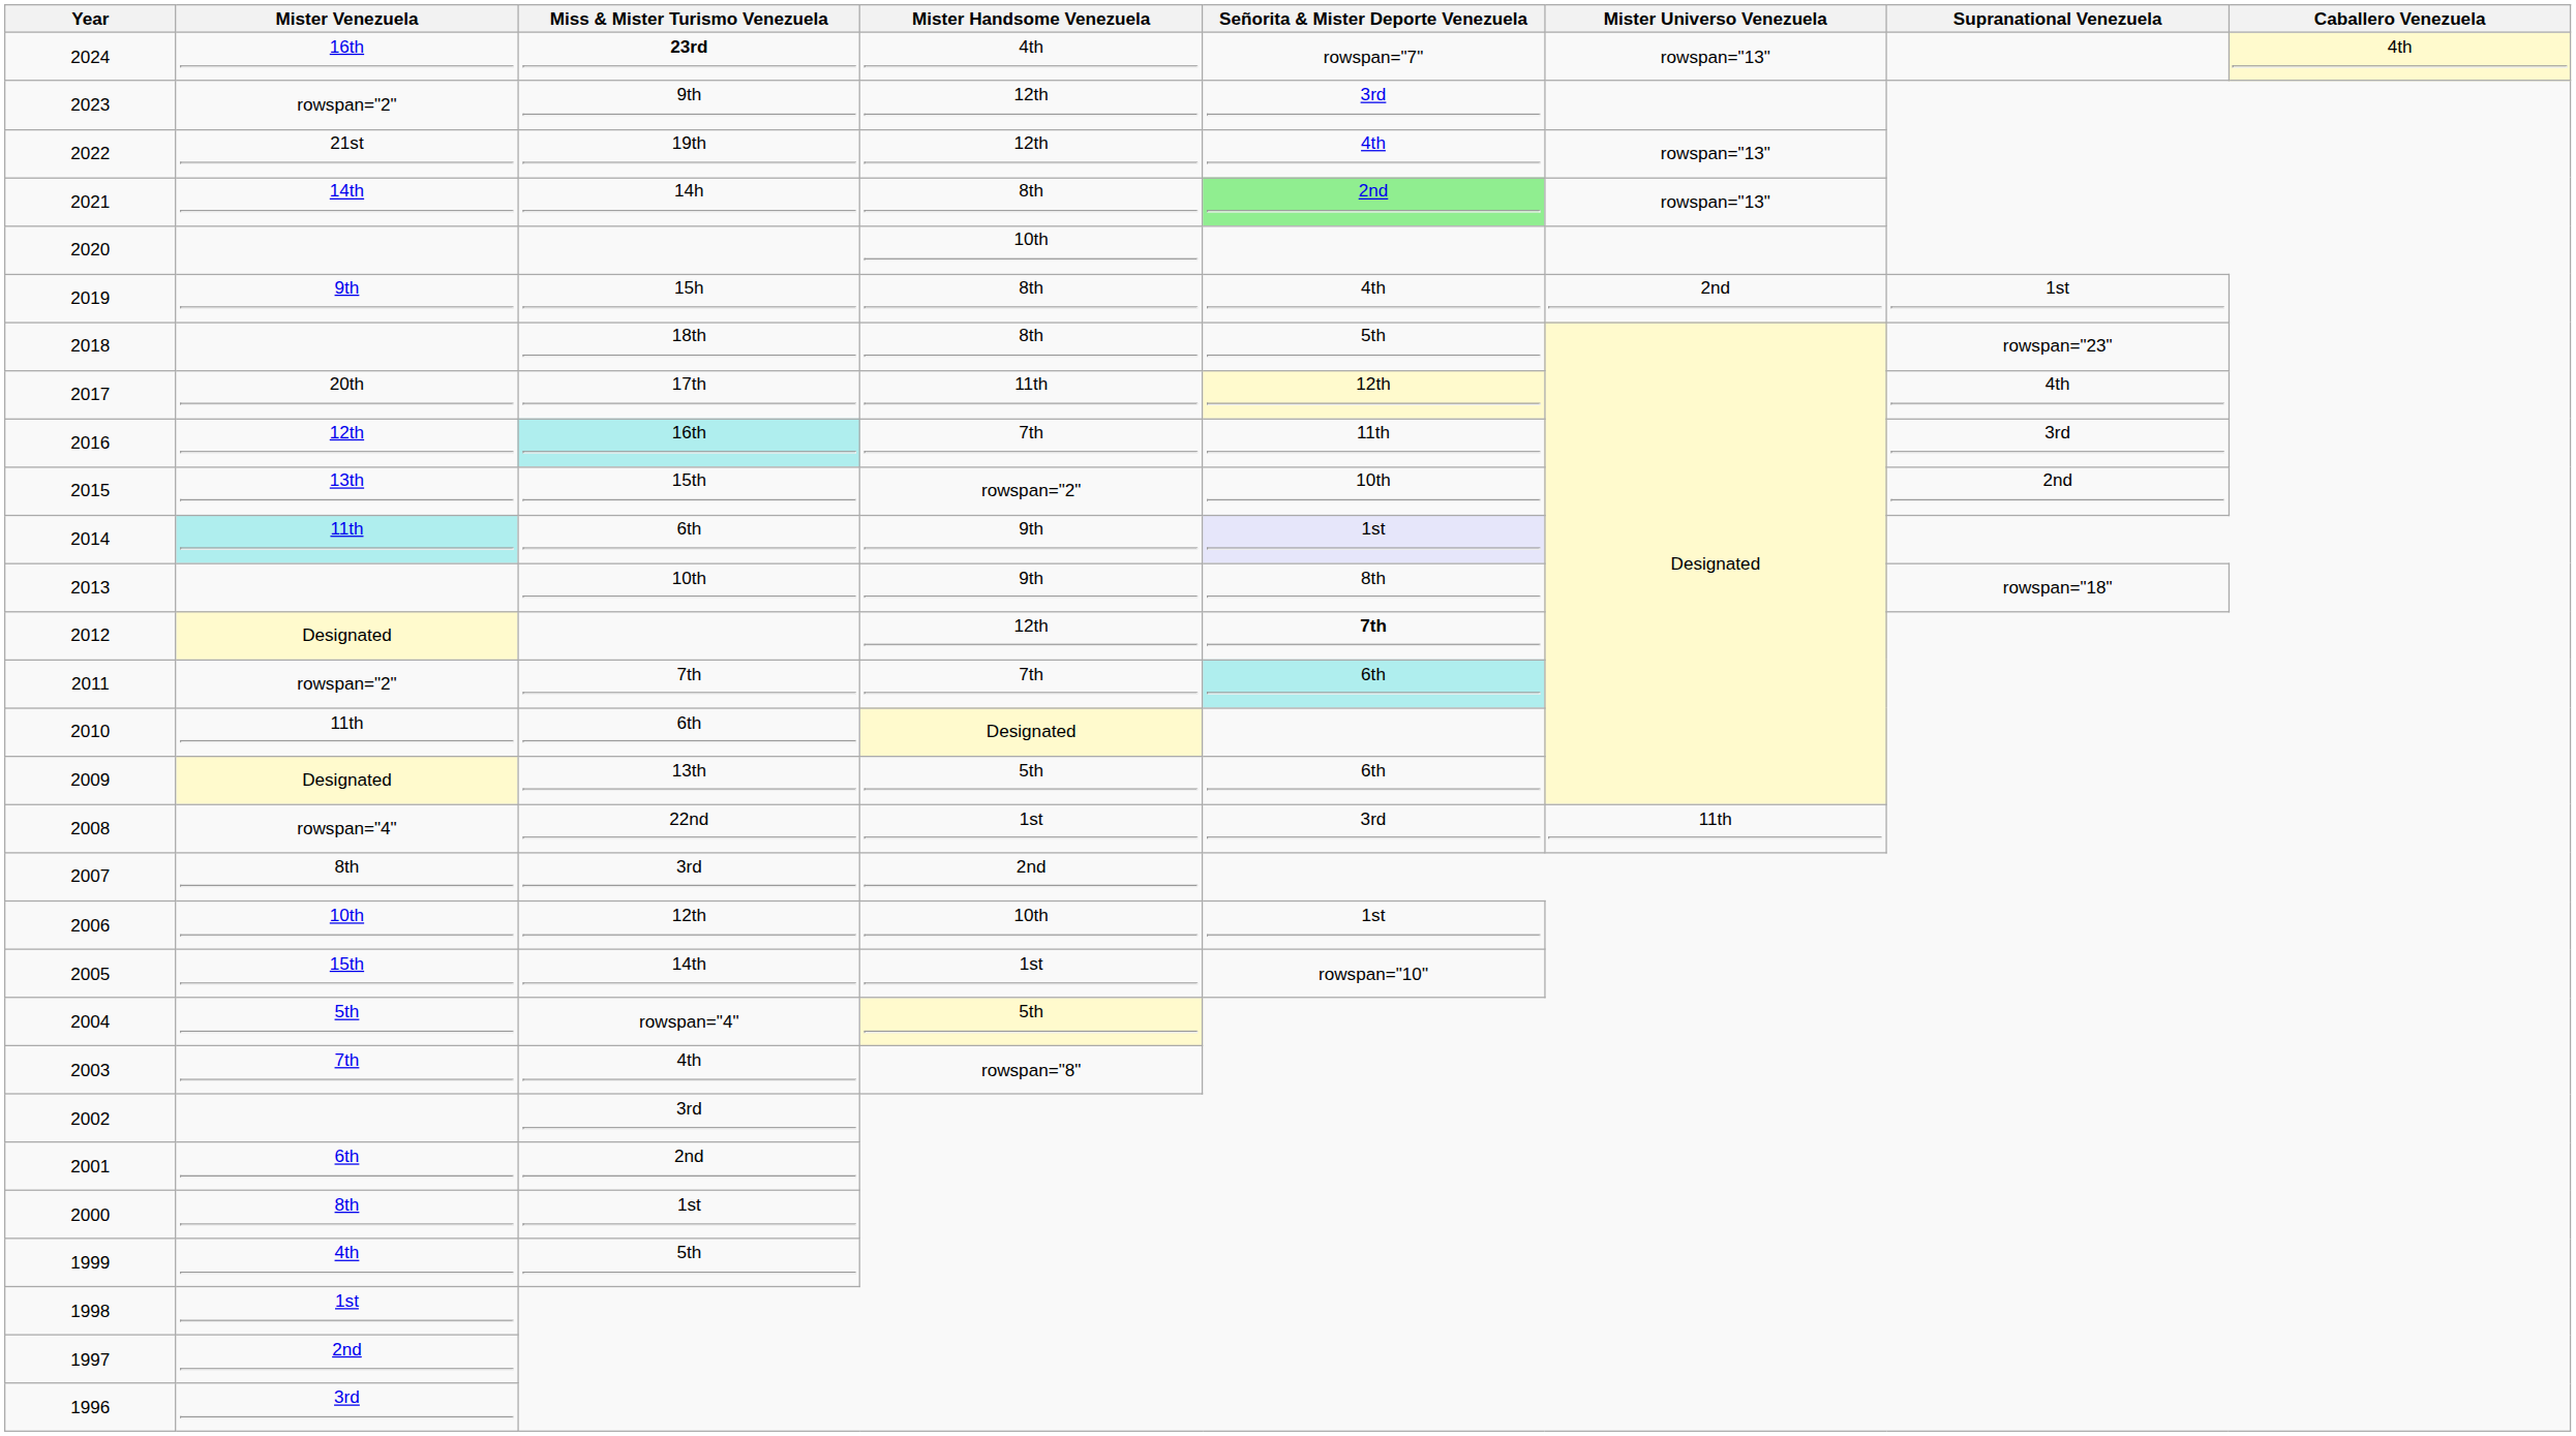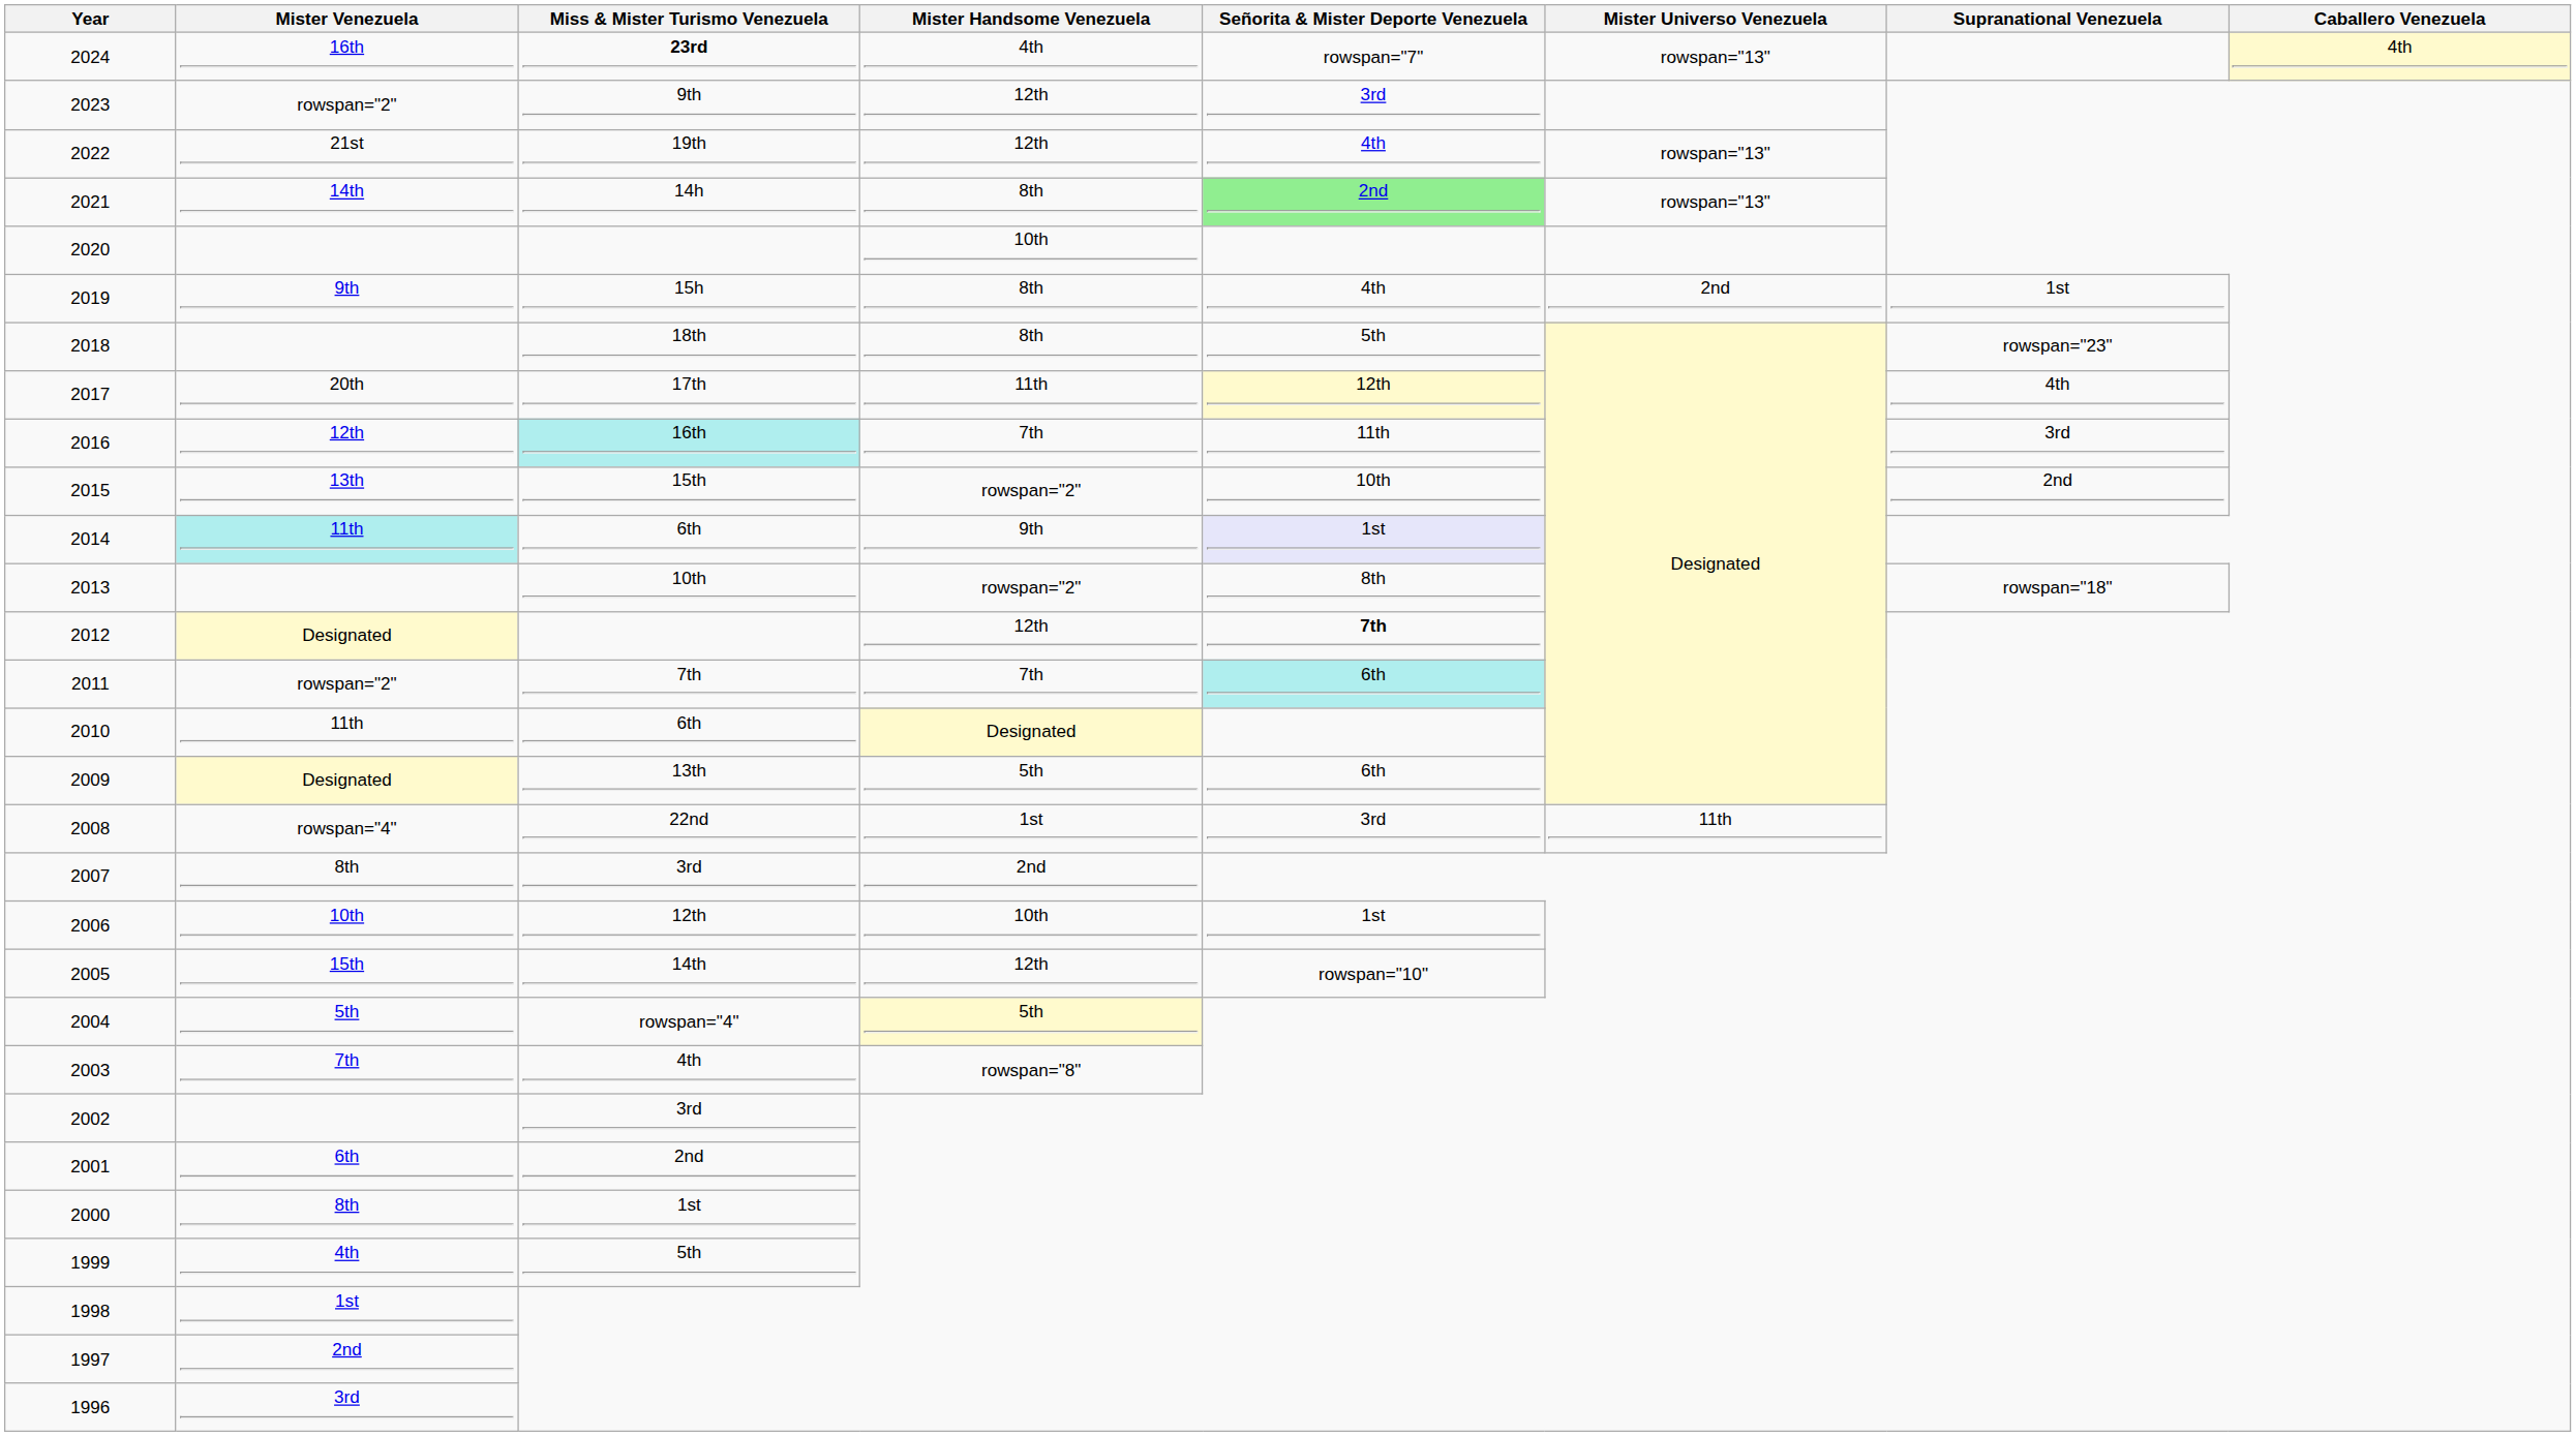 <table class="wikitable" style="font-size: 85%; text-align:center;" |>
 <tr>
 <th width="5%">Year</th>
 <th width="10%">Mister Venezuela<br></th>
 <th width="10%">Miss & Mister Turismo Venezuela<br></th>
 <th width="10%">Mister Handsome Venezuela<br></th>
 <th width="10%">Señorita & Mister Deporte Venezuela<br></th>
 <th width="10%">Mister Universo Venezuela<br></th>
 <th width="10%">Supranational Venezuela<br></th>
 <th width="10%">Caballero Venezuela<br></th>
 </tr>
 <tr>
 <td>2024</td>
 <td><a href='#'>16th</a><hr></td>
 <td><strong>23rd<hr></strong></td>
 <td>4th<hr></td>
 <td>rowspan="7" </td>
 <td>rowspan="13" </td>
 <td></td>
 <td bgcolor="#FFFACD">4th<hr></td>
 </tr>
 <tr>
 <td>2023</td>
 <td>rowspan="2" </td>
 <td>9th<hr></td>
 <td>12th<hr></td>
 <td><a href='#'>3rd</a><hr></td>
 <td></td>
 </tr>
 <tr>
 <td>2022</td>
 <td>21st<hr></td>
 <td>19th<hr></td>
 <td>12th<hr></td>
 <td><a href='#'>4th</a><hr></td>
 <td>rowspan="13" </td>
 </tr>
 <tr>
 <td>2021</td>
 <td><a href='#'>14th</a><hr></td>
 <td>14h<hr></td>
 <td>8th<hr></td>
 <td style="background: lightgreen;"><a href='#'>2nd</a><hr></td>
 <td>rowspan="13" </td>
 </tr>
 <tr>
 <td>2020</td>
 <td></td>
 <td></td>
 <td>10th<hr></td>
 <td></td>
 <td></td>
 </tr>
 <tr>
 <td>2019</td>
 <td><a href='#'>9th</a><hr></td>
 <td>15h<hr></td>
 <td>8th<hr></td>
 <td>4th<hr></td>
 <td>2nd<hr></td>
 <td>1st<hr></td>
 </tr>
 <tr>
 <td>2018</td>
 <td></td>
 <td>18th<hr></td>
 <td>8th<hr></td>
 <td>5th<hr></td>
 <td rowspan="10" bgcolor="#FFFACD">Designated</td>
 <td>rowspan="23" </td>
 </tr>
 <tr>
 <td>2017</td>
 <td>20th<hr></td>
 <td>17th<hr></td>
 <td>11th<hr></td>
 <td bgcolor="#FFFACD">12th<hr></td>
 <td>4th<hr></td>
 </tr>
 <tr>
 <td>2016</td>
 <td><a href='#'>12th</a><hr></td>
 <td style="background: paleturquoise;">16th<hr></td>
 <td>7th<hr></td>
 <td>11th<hr></td>
 <td>3rd<hr></td>
 </tr>
 <tr>
 <td>2015</td>
 <td><a href='#'>13th</a><hr></td>
 <td>15th<hr></td>
 <td>rowspan="2" </td>
 <td>10th<hr></td>
 <td>2nd<hr></td>
 </tr>
 <tr>
 <td>2014</td>
 <td style="background: paleturquoise;"><a href='#'>11th</a><hr></td>
 <td>6th<hr></td>
 <td>9th<hr></td>
 <td style="background: lavender;">1st<hr></td>
 </tr>
 <tr>
 <td>2013</td>
 <td></td>
 <td>10th<hr></td>
-<td>9th<hr></td>
+<td>rowspan="2" </td>
 <td>8th<hr></td>
 <td>rowspan="18" </td>
 </tr>
 <tr>
 <td>2012</td>
 <td bgcolor="#FFFACD">Designated</td>
 <td></td>
 <td>12th<hr></td>
 <td><strong>7th<hr></strong></td>
 </tr>
 <tr>
 <td>2011</td>
 <td>rowspan="2" </td>
 <td>7th<hr></td>
 <td>7th<hr></td>
 <td style="background: paleturquoise;">6th<hr></td>
 </tr>
 <tr>
 <td>2010</td>
 <td>11th<hr></td>
 <td>6th<hr></td>
 <td bgcolor="#FFFACD">Designated</td>
 </tr>
 <tr>
 <td>2009</td>
 <td bgcolor="#FFFACD">Designated</td>
 <td>13th<hr></td>
 <td>5th<hr></td>
 <td>6th<hr></td>
 </tr>
 <tr>
 <td>2008</td>
 <td>rowspan="4" </td>
 <td>22nd<hr></td>
 <td>1st<hr></td>
 <td>3rd<hr></td>
 <td>11th<hr></td>
 </tr>
 <tr>
 <td>2007</td>
 <td>8th<hr></td>
 <td>3rd<hr></td>
 <td>2nd<hr></td>
 </tr>
 <tr>
 <td>2006</td>
 <td><a href='#'>10th</a><hr></td>
 <td>12th<hr></td>
 <td>10th<hr></td>
 <td>1st<hr></td>
 </tr>
 <tr>
 <td>2005</td>
 <td><a href='#'>15th</a><hr></td>
 <td>14th<hr></td>
-<td>1st<hr></td>
+<td>12th<hr></td>
 <td>rowspan="10" </td>
 </tr>
 <tr>
 <td>2004</td>
 <td><a href='#'>5th</a><hr></td>
 <td>rowspan="4" </td>
 <td bgcolor="#FFFACD">5th<hr></td>
 </tr>
 <tr>
 <td>2003</td>
 <td><a href='#'>7th</a><hr></td>
 <td>4th<hr></td>
 <td>rowspan="8" </td>
 </tr>
 <tr>
 <td>2002</td>
 <td></td>
 <td>3rd<hr></td>
 </tr>
 <tr>
 <td>2001</td>
 <td><a href='#'>6th</a><hr></td>
 <td>2nd<hr></td>
 </tr>
 <tr>
 <td>2000</td>
 <td><a href='#'>8th</a><hr></td>
 <td>1st<hr></td>
 </tr>
 <tr>
 <td>1999</td>
 <td><a href='#'>4th</a><hr></td>
 <td>5th<hr></td>
 </tr>
 <tr>
 <td>1998</td>
 <td><a href='#'>1st</a><hr></td>
 </tr>
 <tr>
 <td>1997</td>
 <td><a href='#'>2nd</a><hr></td>
 </tr>
 <tr>
 <td>1996</td>
 <td><a href='#'>3rd</a><hr></td>
 </tr>
 </table>
